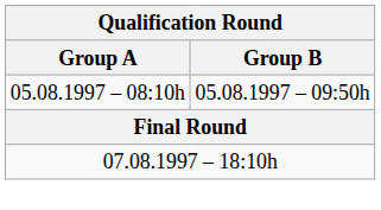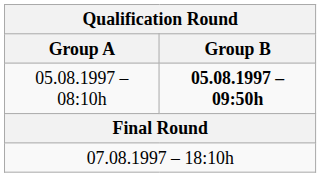 <table class="wikitable" style=" text-align:center; font-size:110%;" width="35%">
 <tr>
 <th colspan="2">Qualification Round</th>
 </tr>
 <tr>
 <th>Group A</th>
 <th>Group B</th>
 </tr>
 <tr>
 <td>05.08.1997 – 08:10h</td>
-<td>05.08.1997 – 09:50h</td>
+<td><strong>05.08.1997 – 09:50h</strong></td>
 </tr>
 <tr>
 <th colspan="2">Final Round</th>
 </tr>
 <tr>
 <td colspan="2">07.08.1997 – 18:10h</td>
 </tr>
 </table>
